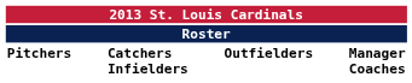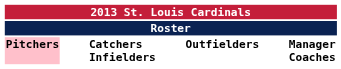 <table class="toccolours" style="font-size: 95%;">
 <tr>
 <th colspan="10" style="background:#c41e3a; color:#fff; text-align:center;">2013 St. Louis Cardinals</th>
 </tr>
 <tr>
 <td colspan="10" style="background:#0a2252; color:#fff; text-align:center;"><strong>Roster</strong></td>
 </tr>
 <tr>
-<td valign="top"><strong>Pitchers</strong><br>                       </td>
+<td valign="top" style="background: pink;"><strong>Pitchers</strong><br>                       </td>
 <td style="width:25px;"></td>
 <td valign="top"><strong>Catchers</strong><br>    <strong>Infielders</strong>         </td>
 <td style="width:25px;"></td>
 <td valign="top"><strong>Outfielders</strong><br>      </td>
 <td style="width:25px;"></td>
 <td valign="top"><strong>Manager</strong><br> <strong>Coaches</strong>                  </td>
 </tr>
 </table>
